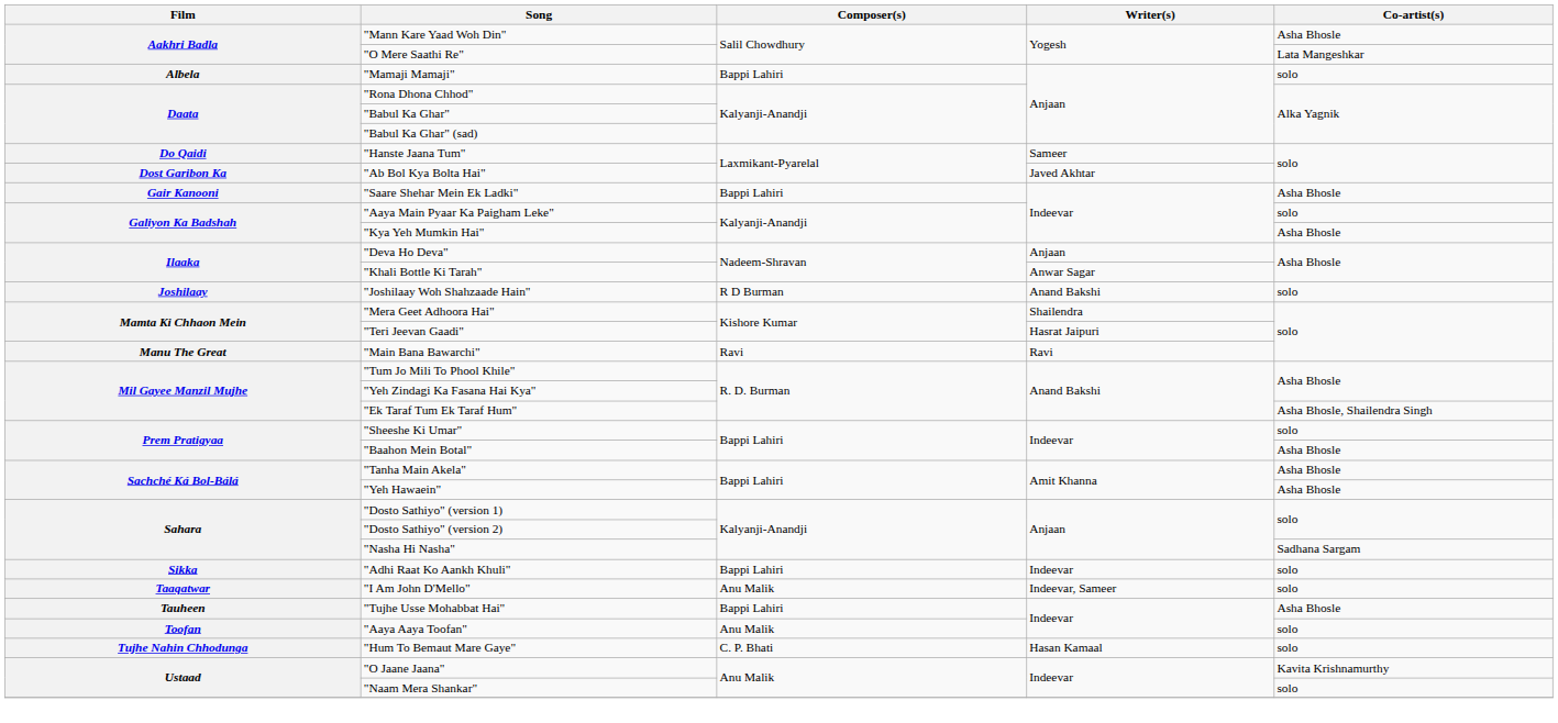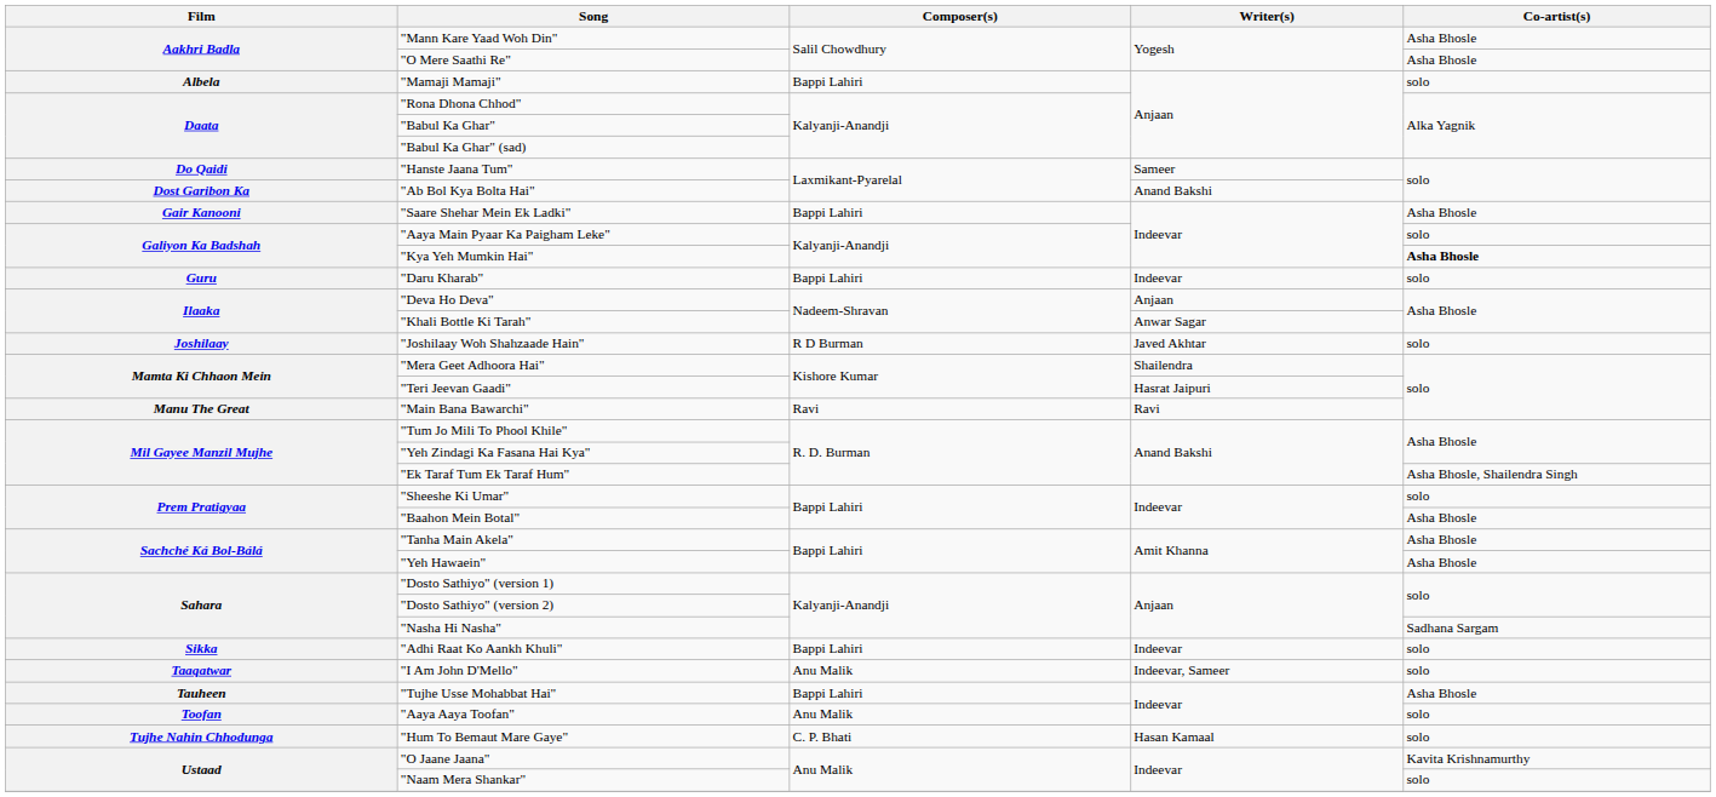 <table class="wikitable plainrowheaders" width="100%" textcolor:#000;">
 <tr style="background:#b0e0e66;">
 <th scope="col" width=23%><strong>Film</strong></th>
 <th scope="col" width=23%><strong>Song</strong></th>
 <th scope="col" width=20%><strong>Composer(s)</strong></th>
 <th scope="col" width=16%><strong>Writer(s)</strong></th>
 <th scope="col" width=18%><strong>Co-artist(s)</strong></th>
 </tr>
 <tr>
 <th rowspan=2><em><a href='#'>Aakhri Badla</a></em></th>
 <td>"Mann Kare Yaad Woh Din"</td>
 <td rowspan=2>Salil Chowdhury</td>
 <td rowspan=2>Yogesh</td>
 <td>Asha Bhosle</td>
 </tr>
 <tr>
 <td>"O Mere Saathi Re"</td>
-<td>Lata Mangeshkar</td>
+<td>Asha Bhosle</td>
 </tr>
 <tr>
 <th><em>Albela</em></th>
 <td>"Mamaji Mamaji"</td>
 <td>Bappi Lahiri</td>
 <td rowspan=4>Anjaan</td>
 <td>solo</td>
 </tr>
 <tr>
 <th rowspan=3><em><a href='#'>Daata</a></em></th>
 <td>"Rona Dhona Chhod"</td>
 <td rowspan=3>Kalyanji-Anandji</td>
 <td rowspan=3>Alka Yagnik</td>
 </tr>
 <tr>
 <td>"Babul Ka Ghar"</td>
 </tr>
 <tr>
 <td>"Babul Ka Ghar" (sad)</td>
 </tr>
 <tr>
 <th><em><a href='#'>Do Qaidi</a></em></th>
 <td>"Hanste Jaana Tum"</td>
 <td rowspan=2>Laxmikant-Pyarelal</td>
 <td>Sameer</td>
 <td rowspan=2>solo</td>
 </tr>
 <tr>
 <th><em><a href='#'>Dost Garibon Ka</a></em></th>
 <td>"Ab Bol Kya Bolta Hai"</td>
-<td>Javed Akhtar</td>
+<td>Anand Bakshi</td>
 </tr>
 <tr>
 <th><em><a href='#'>Gair Kanooni</a></em></th>
 <td>"Saare Shehar Mein Ek Ladki"</td>
 <td>Bappi Lahiri</td>
 <td rowspan=3>Indeevar</td>
 <td>Asha Bhosle</td>
 </tr>
 <tr>
 <th rowspan=2><em><a href='#'>Galiyon Ka Badshah</a></em></th>
 <td>"Aaya Main Pyaar Ka Paigham Leke"</td>
 <td rowspan=2>Kalyanji-Anandji</td>
 <td>solo</td>
 </tr>
 <tr>
 <td>"Kya Yeh Mumkin Hai"</td>
-<td>Asha Bhosle</td>
+<td><strong>Asha Bhosle</strong></td>
+</tr>
+<tr>
+<th><em><a href='#'>Guru</a></em></th>
+<td>"Daru Kharab"</td>
+<td>Bappi Lahiri</td>
+<td>Indeevar</td>
+<td>solo</td>
 </tr>
 <tr>
 <th rowspan=2><em><a href='#'>Ilaaka</a></em></th>
 <td>"Deva Ho Deva"</td>
 <td rowspan=2>Nadeem-Shravan</td>
 <td>Anjaan</td>
 <td rowspan=2>Asha Bhosle</td>
 </tr>
 <tr>
 <td>"Khali Bottle Ki Tarah"</td>
 <td>Anwar Sagar</td>
 </tr>
 <tr>
 <th><em><a href='#'>Joshilaay</a></em></th>
 <td>"Joshilaay Woh Shahzaade Hain"</td>
 <td>R D Burman</td>
-<td>Anand Bakshi</td>
+<td>Javed Akhtar</td>
 <td>solo</td>
 </tr>
 <tr>
 <th rowspan=2><em>Mamta Ki Chhaon Mein</em></th>
 <td>"Mera Geet Adhoora Hai"</td>
 <td rowspan=2>Kishore Kumar</td>
 <td>Shailendra</td>
 <td rowspan=3>solo</td>
 </tr>
 <tr>
 <td>"Teri Jeevan Gaadi"</td>
 <td>Hasrat Jaipuri</td>
 </tr>
 <tr>
 <th><em>Manu The Great</em></th>
 <td>"Main Bana Bawarchi"</td>
 <td>Ravi</td>
 <td>Ravi</td>
 </tr>
 <tr>
 <th rowspan=3><em><a href='#'>Mil Gayee Manzil Mujhe</a></em></th>
 <td>"Tum Jo Mili To Phool Khile"</td>
 <td rowspan=3>R. D. Burman</td>
 <td rowspan=3>Anand Bakshi</td>
 <td rowspan=2>Asha Bhosle</td>
 </tr>
 <tr>
 <td>"Yeh Zindagi Ka Fasana Hai Kya"</td>
 </tr>
 <tr>
 <td>"Ek Taraf Tum Ek Taraf Hum"</td>
 <td>Asha Bhosle, Shailendra Singh</td>
 </tr>
 <tr>
 <th rowspan=2><em><a href='#'>Prem Pratigyaa</a></em></th>
 <td>"Sheeshe Ki Umar"</td>
 <td rowspan=2>Bappi Lahiri</td>
 <td rowspan=2>Indeevar</td>
 <td>solo</td>
 </tr>
 <tr>
 <td>"Baahon Mein Botal"</td>
 <td>Asha Bhosle</td>
 </tr>
 <tr>
 <th rowspan=2><em><a href='#'>Sachché Ká Bol-Bálá</a></em></th>
 <td>"Tanha Main Akela"</td>
 <td rowspan=2>Bappi Lahiri</td>
 <td rowspan=2>Amit Khanna</td>
 <td>Asha Bhosle</td>
 </tr>
 <tr>
 <td>"Yeh Hawaein"</td>
 <td>Asha Bhosle</td>
 </tr>
 <tr>
 <th rowspan=3><em>Sahara</em></th>
 <td>"Dosto Sathiyo" (version 1)</td>
 <td rowspan=3>Kalyanji-Anandji</td>
 <td rowspan=3>Anjaan</td>
 <td rowspan=2>solo</td>
 </tr>
 <tr>
 <td>"Dosto Sathiyo" (version 2)</td>
 </tr>
 <tr>
 <td>"Nasha Hi Nasha"</td>
 <td>Sadhana Sargam</td>
 </tr>
 <tr>
 <th><em><a href='#'>Sikka</a></em></th>
 <td>"Adhi Raat Ko Aankh Khuli"</td>
 <td>Bappi Lahiri</td>
 <td>Indeevar</td>
 <td>solo</td>
 </tr>
 <tr>
 <th><em><a href='#'>Taaqatwar</a></em></th>
 <td>"I Am John D'Mello"</td>
 <td>Anu Malik</td>
 <td>Indeevar, Sameer</td>
 <td>solo</td>
 </tr>
 <tr>
 <th><em>Tauheen</em></th>
 <td>"Tujhe Usse Mohabbat Hai"</td>
 <td>Bappi Lahiri</td>
 <td rowspan=2>Indeevar</td>
 <td>Asha Bhosle</td>
 </tr>
 <tr>
 <th><em><a href='#'>Toofan</a></em></th>
 <td>"Aaya Aaya Toofan"</td>
 <td>Anu Malik</td>
 <td>solo</td>
 </tr>
 <tr>
 <th><em><a href='#'>Tujhe Nahin Chhodunga</a></em></th>
 <td>"Hum To Bemaut Mare Gaye"</td>
 <td>C. P. Bhati</td>
 <td>Hasan Kamaal</td>
 <td>solo</td>
 </tr>
 <tr>
 <th rowspan=2><em>Ustaad</em></th>
 <td>"O Jaane Jaana"</td>
 <td rowspan=2>Anu Malik</td>
 <td rowspan=2>Indeevar</td>
 <td>Kavita Krishnamurthy</td>
 </tr>
 <tr>
 <td>"Naam Mera Shankar"</td>
 <td>solo</td>
 </tr>
 <tr>
 </tr>
 </table>
